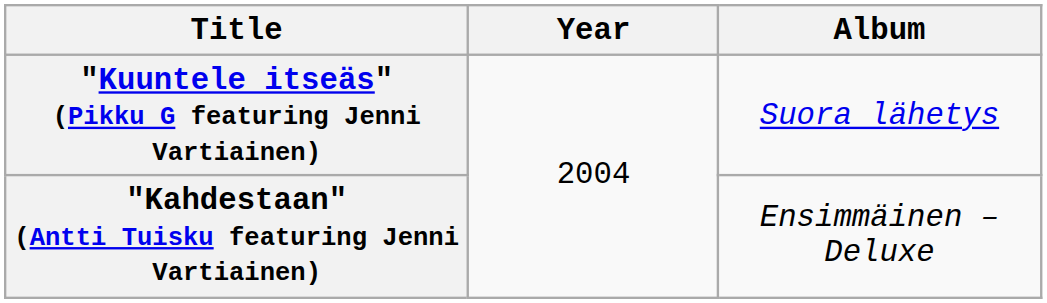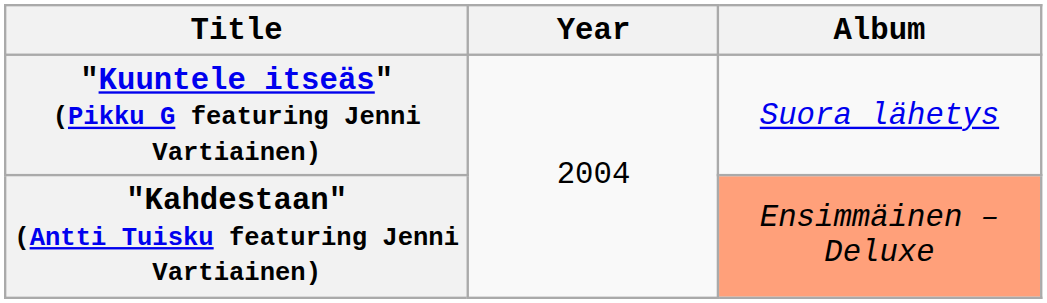 <table class="wikitable plainrowheaders" style="text-align:center;">
 <tr>
 <th width="190">Title</th>
 <th width="100">Year</th>
 <th width="130">Album</th>
 </tr>
 <tr>
 <th scope="row">"<a href='#'>Kuuntele itseäs</a>"<br><small>(<a href='#'>Pikku G</a> featuring Jenni Vartiainen)</small></th>
 <td rowspan="2">2004</td>
 <td><em><a href='#'>Suora lähetys</a></em></td>
 </tr>
 <tr>
 <th scope="row">"Kahdestaan"<br><small>(<a href='#'>Antti Tuisku</a> featuring Jenni Vartiainen)</small></th>
-<td><em>Ensimmäinen – Deluxe</em></td>
+<td style="background: lightsalmon;"><em>Ensimmäinen – Deluxe</em></td>
 </tr>
 </table>
